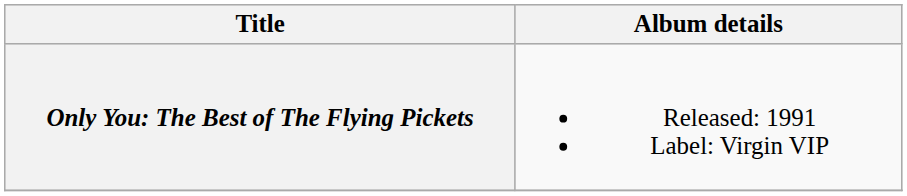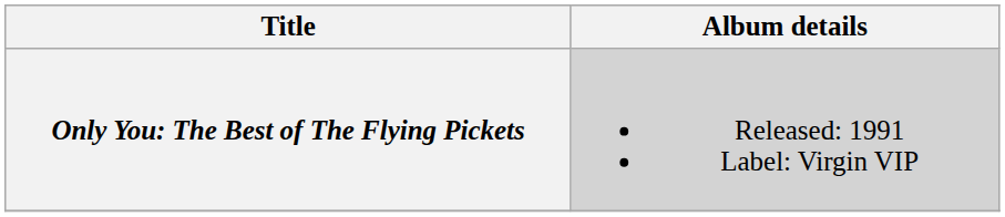 <table class="wikitable plainrowheaders" style="text-align:center;">
 <tr>
 <th scope="col" rowspan="1" style="width:20em;">Title</th>
 <th scope="col" rowspan="1" style="width:15em;">Album details</th>
 </tr>
 <tr>
 <th scope="row"><em>Only You: The Best of The Flying Pickets</em></th>
-<td><br><ul><li>Released: 1991</li><li>Label: Virgin VIP</li></ul></td>
+<td style="background: lightgrey;"><br><ul><li>Released: 1991</li><li>Label: Virgin VIP</li></ul></td>
 </tr>
 <tr>
 </tr>
 </table>
